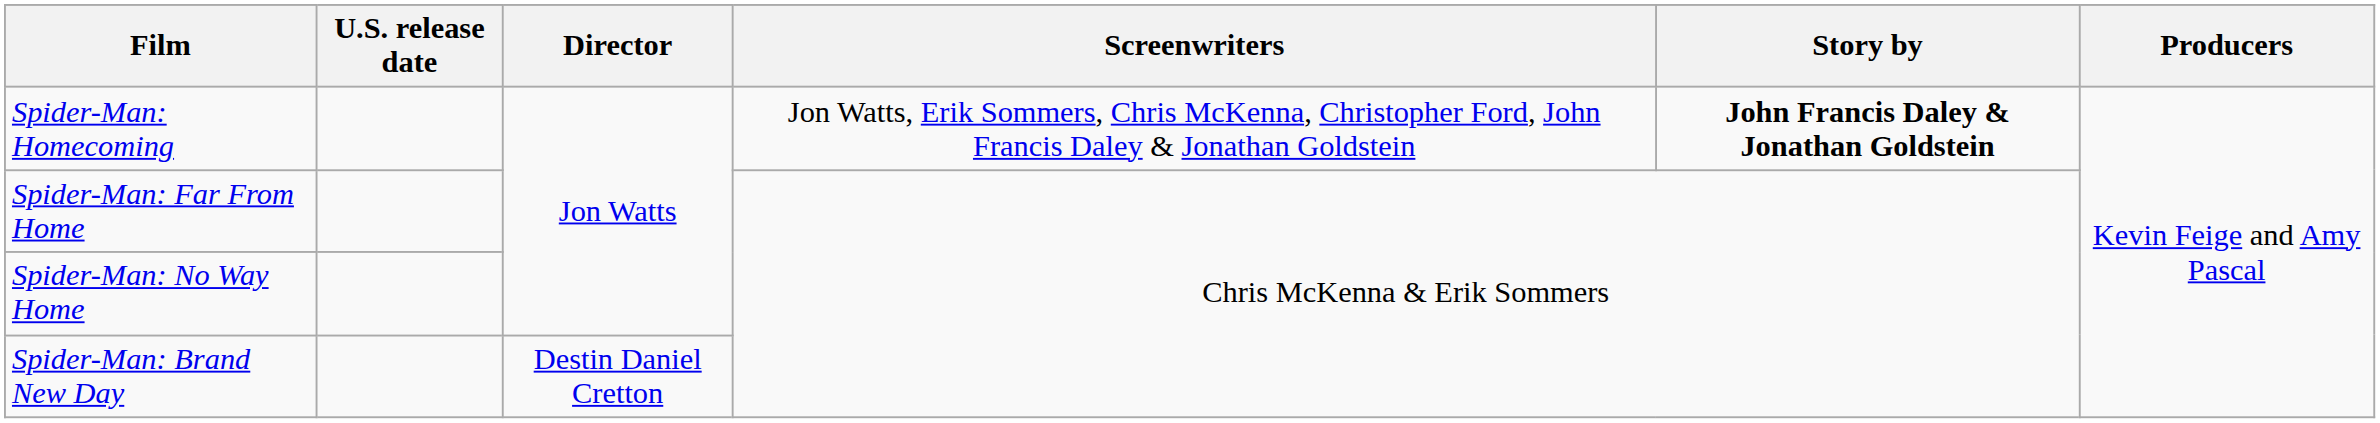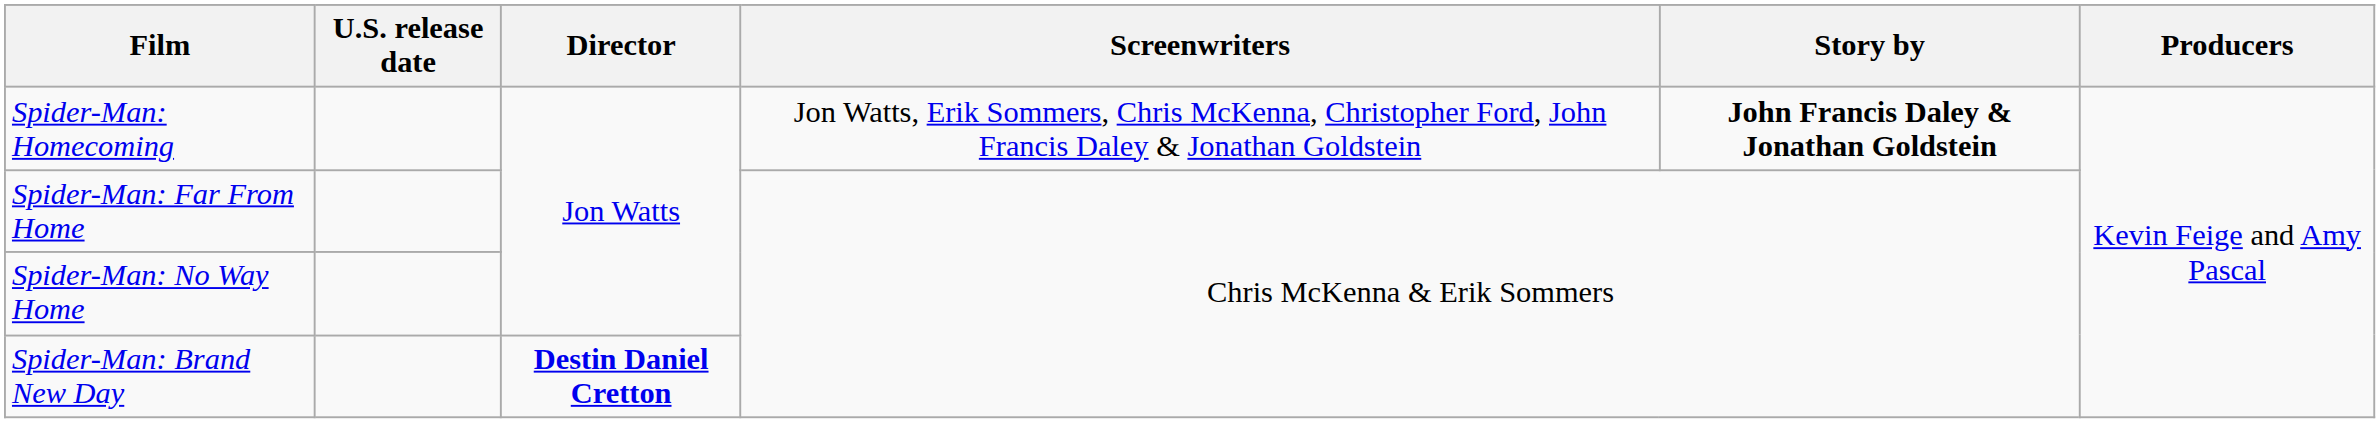 <table class="wikitable plainrowheaders" style="text-align:center;">
 <tr>
 <th>Film</th>
 <th>U.S. release date</th>
 <th>Director</th>
 <th>Screenwriters</th>
 <th>Story by</th>
 <th>Producers</th>
 </tr>
 <tr>
 <td style="text-align:left"><em><a href='#'>Spider-Man: Homecoming</a></em></td>
 <td style="text-align:left"></td>
 <td rowspan="3"><a href='#'>Jon Watts</a></td>
 <td>Jon Watts, <a href='#'>Erik Sommers</a>, <a href='#'>Chris McKenna</a>, <a href='#'>Christopher Ford</a>, <a href='#'>John Francis Daley</a> & <a href='#'>Jonathan Goldstein</a></td>
 <td><strong>John Francis Daley & Jonathan Goldstein</strong></td>
 <td rowspan="4"><a href='#'>Kevin Feige</a> and <a href='#'>Amy Pascal</a></td>
 </tr>
 <tr>
 <td style="text-align:left"><em><a href='#'>Spider-Man: Far From Home</a></em></td>
 <td style="text-align:left"></td>
 <td colspan="2" rowspan="3">Chris McKenna & Erik Sommers</td>
 </tr>
 <tr>
 <td style="text-align:left"><em><a href='#'>Spider-Man: No Way Home</a></em></td>
 <td style="text-align:left"></td>
 </tr>
 <tr>
 <td style="text-align:left"><em><a href='#'>Spider-Man: Brand New Day</a></em></td>
 <td style="text-align:left"></td>
-<td><a href='#'>Destin Daniel Cretton</a></td>
+<td><strong><a href='#'>Destin Daniel Cretton</a></strong></td>
 </tr>
 </table>
